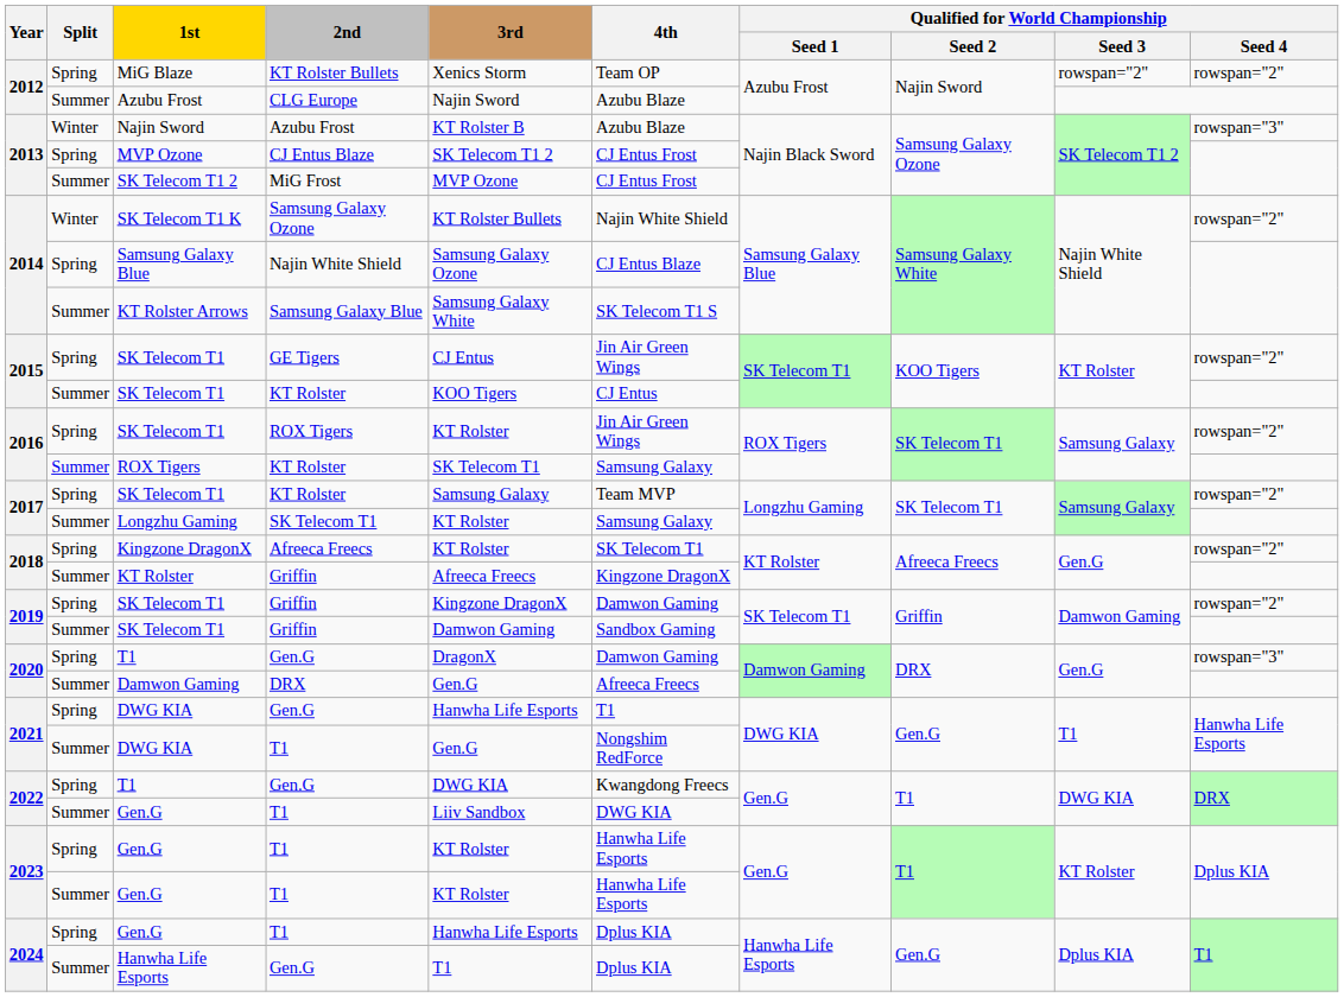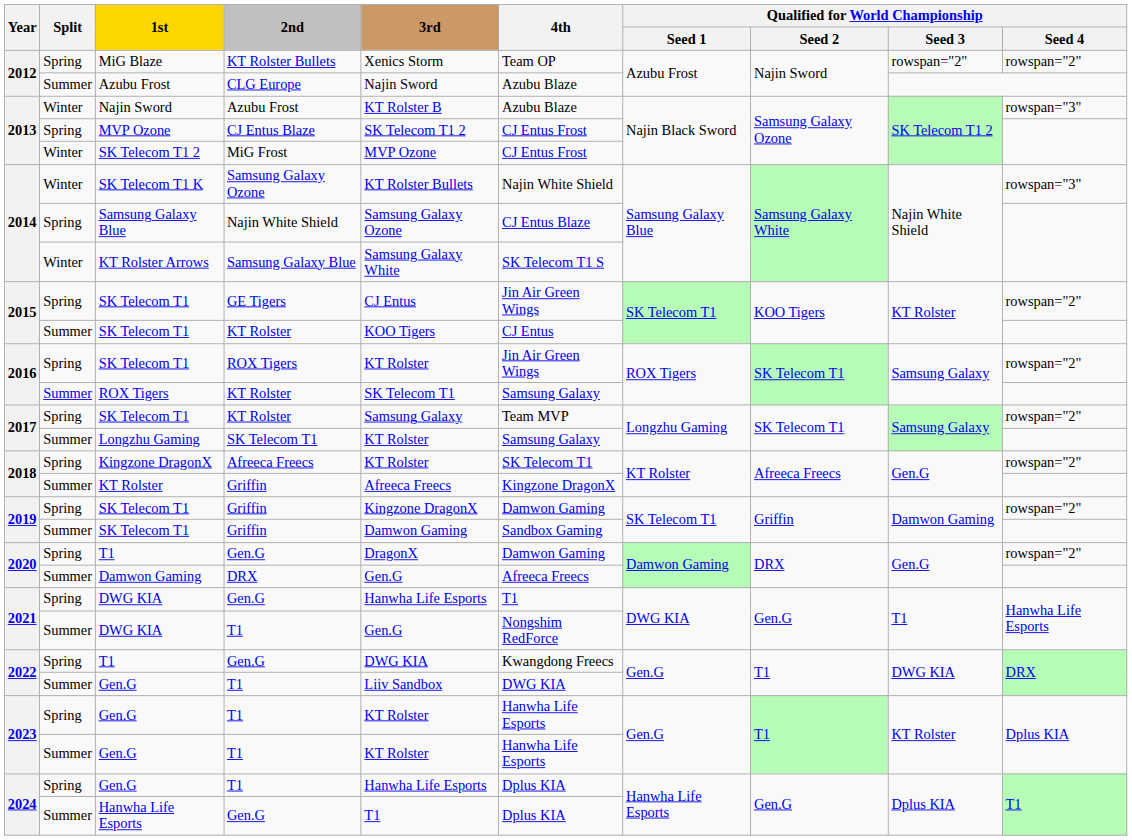 <table class="wikitable plainrowheaders" style="text-align:left">
 <tr>
 <th rowspan="2">Year</th>
 <th rowspan="2">Split</th>
 <th rowspan="2" style="background:gold;">1st</th>
 <th rowspan="2" style="background:silver;">2nd</th>
 <th rowspan="2" style="background:#c96;">3rd</th>
 <th rowspan="2">4th</th>
 <th colspan="4">Qualified for <a href='#'>World Championship</a></th>
 </tr>
 <tr>
 <th>Seed 1</th>
 <th>Seed 2</th>
 <th>Seed 3</th>
 <th>Seed 4</th>
 </tr>
 <tr>
 <th rowspan="2">2012</th>
 <td scope="row">Spring</td>
 <td>MiG Blaze</td>
 <td><a href='#'>KT Rolster Bullets</a></td>
 <td>Xenics Storm</td>
 <td>Team OP</td>
 <td rowspan="2">Azubu Frost</td>
 <td rowspan="2">Najin Sword</td>
 <td>rowspan="2" </td>
 <td>rowspan="2" </td>
 </tr>
 <tr>
 <td scope="row">Summer</td>
 <td>Azubu Frost</td>
 <td><a href='#'>CLG Europe</a></td>
 <td>Najin Sword</td>
 <td>Azubu Blaze</td>
 </tr>
 <tr>
 <th rowspan="3">2013</th>
 <td scope="row">Winter</td>
 <td>Najin Sword</td>
 <td>Azubu Frost</td>
 <td><a href='#'>KT Rolster B</a></td>
 <td>Azubu Blaze</td>
 <td rowspan="3">Najin Black Sword</td>
 <td rowspan="3"><a href='#'>Samsung Galaxy Ozone</a></td>
 <td rowspan="3" style="background:#b6fcb6;"><a href='#'>SK Telecom T1 2</a> </td>
 <td>rowspan="3" </td>
 </tr>
 <tr>
 <td scope="row">Spring</td>
 <td><a href='#'>MVP Ozone</a></td>
 <td><a href='#'>CJ Entus Blaze</a></td>
 <td><a href='#'>SK Telecom T1 2</a></td>
 <td><a href='#'>CJ Entus Frost</a></td>
 </tr>
 <tr>
-<td scope="row">Summer</td>
+<td scope="row">Winter</td>
 <td><a href='#'>⁠SK Telecom T1 2</a></td>
 <td>MiG Frost</td>
 <td><a href='#'>MVP Ozone</a></td>
 <td><a href='#'> CJ Entus Frost</a></td>
 </tr>
 <tr>
 <th rowspan="3">2014</th>
 <td scope="row">Winter</td>
 <td><a href='#'>SK Telecom T1 K</a></td>
 <td><a href='#'>Samsung Galaxy Ozone</a></td>
 <td><a href='#'>KT Rolster Bullets</a></td>
 <td>Najin White Shield</td>
 <td rowspan="3"><a href='#'>Samsung Galaxy Blue</a></td>
 <td rowspan="3" style="background:#b6fcb6;"><a href='#'>Samsung Galaxy White</a> </td>
 <td rowspan="3">Najin White Shield</td>
-<td>rowspan="2" </td>
+<td>rowspan="3" </td>
 </tr>
 <tr>
 <td scope="row">Spring</td>
 <td><a href='#'>Samsung Galaxy Blue</a></td>
 <td>Najin White Shield</td>
 <td><a href='#'>Samsung Galaxy Ozone</a></td>
 <td><a href='#'>CJ Entus Blaze</a></td>
 </tr>
 <tr>
-<td scope="row">Summer</td>
+<td scope="row">Winter</td>
 <td><a href='#'>KT Rolster Arrows</a></td>
 <td><a href='#'>Samsung Galaxy Blue</a></td>
 <td><a href='#'>Samsung Galaxy White</a></td>
 <td><a href='#'>⁠SK Telecom T1 S</a></td>
 </tr>
 <tr>
 <th rowspan="2">2015</th>
 <td scope="row">Spring</td>
 <td><a href='#'>SK Telecom T1</a></td>
 <td><a href='#'>GE Tigers</a></td>
 <td><a href='#'>CJ Entus</a></td>
 <td><a href='#'>Jin Air Green Wings</a></td>
 <td rowspan="2" style="background:#b6fcb6;"><a href='#'>SK Telecom T1</a> </td>
 <td rowspan="2"><a href='#'>KOO Tigers</a></td>
 <td rowspan="2"><a href='#'>KT Rolster</a></td>
 <td>rowspan="2" </td>
 </tr>
 <tr>
 <td scope="row">Summer</td>
 <td><a href='#'>SK Telecom T1</a></td>
 <td><a href='#'>KT Rolster</a></td>
 <td><a href='#'>KOO Tigers</a></td>
 <td><a href='#'>CJ Entus</a></td>
 </tr>
 <tr>
 <th rowspan="2">2016</th>
 <td scope="row">Spring</td>
 <td><a href='#'>SK Telecom T1</a></td>
 <td><a href='#'>ROX Tigers</a></td>
 <td><a href='#'>KT Rolster</a></td>
 <td><a href='#'>Jin Air Green Wings</a></td>
 <td rowspan="2"><a href='#'>ROX Tigers</a></td>
 <td rowspan="2" style="background:#b6fcb6;"><a href='#'>SK Telecom T1</a> </td>
 <td rowspan="2"><a href='#'>Samsung Galaxy</a></td>
 <td>rowspan="2" </td>
 </tr>
 <tr>
 <td scope="row"><a href='#'>Summer</a></td>
 <td><a href='#'>ROX Tigers</a></td>
 <td><a href='#'>KT Rolster</a></td>
 <td><a href='#'>SK Telecom T1</a></td>
 <td><a href='#'>Samsung Galaxy</a></td>
 </tr>
 <tr>
 <th rowspan="2">2017</th>
 <td scope="row">Spring</td>
 <td><a href='#'>SK Telecom T1</a></td>
 <td><a href='#'>KT Rolster</a></td>
 <td><a href='#'>Samsung Galaxy</a></td>
 <td>Team MVP</td>
 <td rowspan="2"><a href='#'>Longzhu Gaming</a></td>
 <td rowspan="2"><a href='#'>SK Telecom T1</a></td>
 <td rowspan="2" style="background:#b6fcb6;"><a href='#'>Samsung Galaxy</a> </td>
 <td>rowspan="2" </td>
 </tr>
 <tr>
 <td scope="row">Summer</td>
 <td><a href='#'>Longzhu Gaming</a></td>
 <td><a href='#'>SK Telecom T1</a></td>
 <td><a href='#'>KT Rolster</a></td>
 <td><a href='#'>Samsung Galaxy</a></td>
 </tr>
 <tr>
 <th rowspan="2">2018</th>
 <td scope="row">Spring</td>
 <td><a href='#'>Kingzone DragonX</a></td>
 <td><a href='#'>Afreeca Freecs</a></td>
 <td><a href='#'>KT Rolster</a></td>
 <td><a href='#'>SK Telecom T1</a></td>
 <td rowspan="2"><a href='#'>KT Rolster</a></td>
 <td rowspan="2"><a href='#'>Afreeca Freecs</a></td>
 <td rowspan="2"><a href='#'>Gen.G</a></td>
 <td>rowspan="2" </td>
 </tr>
 <tr>
 <td scope="row">Summer</td>
 <td><a href='#'>KT Rolster</a></td>
 <td><a href='#'>Griffin</a></td>
 <td><a href='#'>Afreeca Freecs</a></td>
 <td><a href='#'>Kingzone DragonX</a></td>
 </tr>
 <tr>
 <th rowspan="2"><a href='#'>2019</a></th>
 <td scope="row">Spring</td>
 <td><a href='#'>SK Telecom T1</a></td>
 <td><a href='#'>Griffin</a></td>
 <td><a href='#'>Kingzone DragonX</a></td>
 <td><a href='#'>Damwon Gaming</a></td>
 <td rowspan="2"><a href='#'>SK Telecom T1</a></td>
 <td rowspan="2"><a href='#'>Griffin</a></td>
 <td rowspan="2"><a href='#'>Damwon Gaming</a></td>
 <td>rowspan="2" </td>
 </tr>
 <tr>
 <td>Summer</td>
 <td><a href='#'>SK Telecom T1</a></td>
 <td><a href='#'>Griffin</a></td>
 <td><a href='#'>Damwon Gaming</a></td>
 <td><a href='#'>Sandbox Gaming</a></td>
 </tr>
 <tr>
 <th rowspan="2"><a href='#'>2020</a></th>
 <td scope="row">Spring</td>
 <td><a href='#'>T1</a></td>
 <td><a href='#'>Gen.G</a></td>
 <td><a href='#'>DragonX</a></td>
 <td><a href='#'>Damwon Gaming</a></td>
 <td rowspan="2" style="background:#b6fcb6;"><a href='#'>Damwon Gaming</a> </td>
 <td rowspan="2"><a href='#'>DRX</a></td>
 <td rowspan="2"><a href='#'>Gen.G</a></td>
-<td>rowspan="3" </td>
+<td>rowspan="2" </td>
 </tr>
 <tr>
 <td scope="row">Summer</td>
 <td><a href='#'>Damwon Gaming</a></td>
 <td><a href='#'>DRX</a></td>
 <td><a href='#'>Gen.G</a></td>
 <td><a href='#'>Afreeca Freecs</a></td>
 </tr>
 <tr>
 <th rowspan="2"><a href='#'>2021</a></th>
 <td scope="row">Spring</td>
 <td><a href='#'>DWG KIA</a></td>
 <td><a href='#'>Gen.G</a></td>
 <td><a href='#'>Hanwha Life Esports</a></td>
 <td><a href='#'>T1</a></td>
 <td rowspan="2"><a href='#'>DWG KIA</a></td>
 <td rowspan="2"><a href='#'>Gen.G</a></td>
 <td rowspan="2"><a href='#'>T1</a></td>
 <td rowspan="2"><a href='#'>Hanwha Life Esports</a></td>
 </tr>
 <tr>
 <td scope="row">Summer</td>
 <td><a href='#'>DWG KIA</a></td>
 <td><a href='#'>T1</a></td>
 <td><a href='#'>Gen.G</a></td>
 <td><a href='#'>Nongshim RedForce</a></td>
 </tr>
 <tr>
 <th rowspan="2"><a href='#'>2022</a></th>
 <td scope="row">Spring</td>
 <td><a href='#'>T1</a></td>
 <td><a href='#'>Gen.G</a></td>
 <td><a href='#'>DWG KIA</a></td>
 <td>Kwangdong Freecs</td>
 <td rowspan="2"><a href='#'>Gen.G</a></td>
 <td rowspan="2"><a href='#'>T1</a></td>
 <td rowspan="2"><a href='#'>DWG KIA</a></td>
 <td rowspan="2" style="background:#b6fcb6;"><a href='#'>DRX</a> </td>
 </tr>
 <tr>
 <td scope="row">Summer</td>
 <td><a href='#'>Gen.G</a></td>
 <td><a href='#'>T1</a></td>
 <td><a href='#'>Liiv Sandbox</a></td>
 <td><a href='#'>DWG KIA</a></td>
 </tr>
 <tr>
 <th rowspan="2"><a href='#'>2023</a></th>
 <td scope="row">Spring</td>
 <td><a href='#'>Gen.G</a></td>
 <td><a href='#'>T1</a></td>
 <td><a href='#'>KT Rolster</a></td>
 <td><a href='#'>Hanwha Life Esports</a></td>
 <td rowspan="2"><a href='#'>Gen.G</a></td>
 <td rowspan="2" style="background:#b6fcb6;"><a href='#'>T1</a> </td>
 <td rowspan="2"><a href='#'>KT Rolster</a></td>
 <td rowspan="2"><a href='#'>Dplus KIA</a></td>
 </tr>
 <tr>
 <td scope="row">Summer</td>
 <td><a href='#'>Gen.G</a></td>
 <td><a href='#'>T1</a></td>
 <td><a href='#'>KT Rolster</a></td>
 <td><a href='#'>Hanwha Life Esports</a></td>
 </tr>
 <tr>
 <th rowspan="2"><a href='#'>2024</a></th>
 <td scope="row">Spring</td>
 <td><a href='#'>Gen.G</a></td>
 <td><a href='#'>T1</a></td>
 <td><a href='#'>Hanwha Life Esports</a></td>
 <td><a href='#'>Dplus KIA</a></td>
 <td rowspan="2"><a href='#'>Hanwha Life Esports</a></td>
 <td rowspan="2"><a href='#'>Gen.G</a></td>
 <td rowspan="2"><a href='#'>Dplus KIA</a></td>
 <td rowspan="2" style="background:#b6fcb6;"><a href='#'>T1</a> </td>
 </tr>
 <tr>
 <td scope="row">Summer</td>
 <td><a href='#'>Hanwha Life Esports</a></td>
 <td><a href='#'>Gen.G</a></td>
 <td><a href='#'>T1</a></td>
 <td><a href='#'>Dplus KIA</a></td>
 </tr>
 </table>
